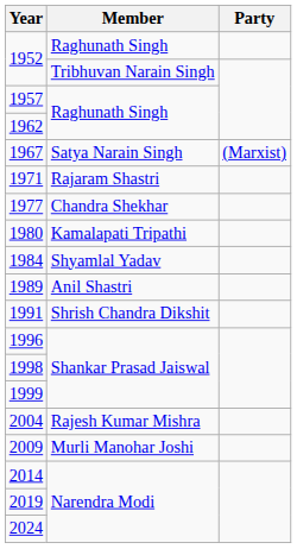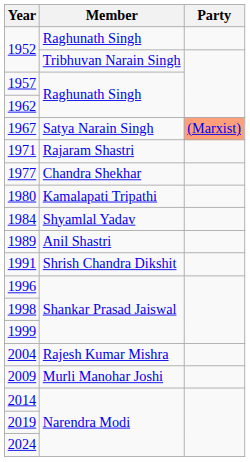 <table class="wikitable sortable">
 <tr>
 <th>Year</th>
 <th>Member</th>
 <th colspan="2">Party</th>
 </tr>
 <tr>
 <td rowspan="2"><a href='#'>1952</a></td>
 <td><a href='#'>Raghunath Singh</a></td>
 <td></td>
 </tr>
 <tr>
 <td><a href='#'>Tribhuvan Narain Singh</a></td>
 </tr>
 <tr>
 <td><a href='#'>1957</a></td>
 <td rowspan="2"><a href='#'>Raghunath Singh</a></td>
 </tr>
 <tr>
 <td><a href='#'>1962</a></td>
 </tr>
 <tr>
 <td><a href='#'>1967</a></td>
 <td><a href='#'>Satya Narain Singh</a></td>
-<td> <a href='#'>(Marxist)</a></td>
+<td style="background: lightsalmon;"> <a href='#'>(Marxist)</a></td>
 </tr>
 <tr>
 <td><a href='#'>1971</a></td>
 <td><a href='#'>Rajaram Shastri</a></td>
 <td></td>
 </tr>
 <tr>
 <td><a href='#'>1977</a></td>
 <td><a href='#'>Chandra Shekhar</a></td>
 <td></td>
 </tr>
 <tr>
 <td><a href='#'>1980</a></td>
 <td><a href='#'>Kamalapati Tripathi</a></td>
 <td></td>
 </tr>
 <tr>
 <td><a href='#'>1984</a></td>
 <td><a href='#'>Shyamlal Yadav</a></td>
 <td></td>
 </tr>
 <tr>
 <td><a href='#'>1989</a></td>
 <td><a href='#'>Anil Shastri</a></td>
 <td></td>
 </tr>
 <tr>
 <td><a href='#'>1991</a></td>
 <td><a href='#'>Shrish Chandra Dikshit</a></td>
 <td></td>
 </tr>
 <tr>
 <td><a href='#'>1996</a></td>
 <td rowspan="3"><a href='#'>Shankar Prasad Jaiswal</a></td>
 </tr>
 <tr>
 <td><a href='#'>1998</a></td>
 </tr>
 <tr>
 <td><a href='#'>1999</a></td>
 </tr>
 <tr>
 <td><a href='#'>2004</a></td>
 <td><a href='#'>Rajesh Kumar Mishra</a></td>
 <td></td>
 </tr>
 <tr>
 <td><a href='#'>2009</a></td>
 <td><a href='#'>Murli Manohar Joshi</a></td>
 <td></td>
 </tr>
 <tr>
 <td><a href='#'>2014</a></td>
 <td rowspan="3"><a href='#'>Narendra Modi</a></td>
 </tr>
 <tr>
 <td><a href='#'>2019</a></td>
 </tr>
 <tr>
 <td><a href='#'>2024</a></td>
 </tr>
 </table>
